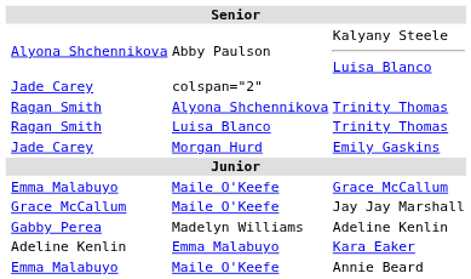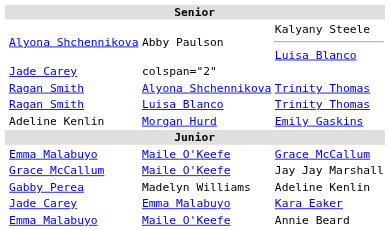 <table>
 <tr bgcolor="DFDFDF">
 <td colspan="5" align="center"><strong>Senior</strong></td>
 </tr>
 <tr>
 <td></td>
 <td><a href='#'>Alyona Shchennikova</a></td>
 <td>Abby Paulson</td>
 <td>Kalyany Steele<hr><a href='#'>Luisa Blanco</a></td>
 </tr>
 <tr>
 <td></td>
 <td><a href='#'>Jade Carey</a></td>
 <td>colspan="2" </td>
 </tr>
 <tr>
 <td></td>
 <td><a href='#'>Ragan Smith</a></td>
 <td><a href='#'>Alyona Shchennikova</a></td>
 <td><a href='#'>Trinity Thomas</a></td>
 </tr>
 <tr>
 <td></td>
 <td><a href='#'>Ragan Smith</a></td>
 <td><a href='#'>Luisa Blanco</a></td>
 <td><a href='#'>Trinity Thomas</a></td>
 </tr>
 <tr>
 <td></td>
-<td><a href='#'>Jade Carey</a></td>
+<td>Adeline Kenlin</td>
 <td><a href='#'>Morgan Hurd</a></td>
 <td><a href='#'>Emily Gaskins</a></td>
 </tr>
 <tr bgcolor="DFDFDF">
 <td colspan="5" align="center"><strong>Junior</strong></td>
 </tr>
 <tr>
 <td></td>
 <td><a href='#'>Emma Malabuyo</a></td>
 <td><a href='#'>Maile O'Keefe</a></td>
 <td><a href='#'>Grace McCallum</a></td>
 </tr>
 <tr>
 <td></td>
 <td><a href='#'>Grace McCallum</a></td>
 <td><a href='#'>Maile O'Keefe</a></td>
 <td>Jay Jay Marshall</td>
 </tr>
 <tr>
 <td></td>
 <td><a href='#'>Gabby Perea</a></td>
 <td>Madelyn Williams</td>
 <td>Adeline Kenlin</td>
 </tr>
 <tr>
 <td></td>
-<td>Adeline Kenlin</td>
+<td><a href='#'>Jade Carey</a></td>
 <td><a href='#'>Emma Malabuyo</a></td>
 <td><a href='#'>Kara Eaker</a></td>
 </tr>
 <tr>
 <td></td>
 <td><a href='#'>Emma Malabuyo</a></td>
 <td><a href='#'>Maile O'Keefe</a></td>
 <td>Annie Beard</td>
 </tr>
 </table>
